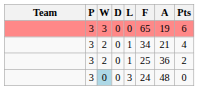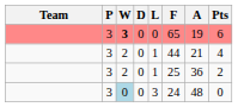 <table class="wikitable" style="text-align:center;">
 <tr>
 <th width="120px">Team</th>
 <th>P</th>
 <th>W</th>
 <th>D</th>
 <th>L</th>
 <th width="23px">F</th>
 <th width="23px">A</th>
 <th width="23px">Pts</th>
 </tr>
 <tr bgcolor="#FF8888">
 <td></td>
 <td>3</td>
-<td>3</td>
+<td><strong>3</strong></td>
 <td>0</td>
 <td>0</td>
 <td>65</td>
 <td>19</td>
 <td>6</td>
 </tr>
 <tr>
 <td></td>
 <td>3</td>
 <td>2</td>
 <td>0</td>
 <td>1</td>
-<td>34</td>
+<td>44</td>
 <td>21</td>
 <td>4</td>
 </tr>
 <tr>
 <td></td>
 <td>3</td>
 <td>2</td>
 <td>0</td>
 <td>1</td>
 <td>25</td>
 <td>36</td>
 <td>2</td>
 </tr>
 <tr>
 <td></td>
 <td>3</td>
 <td style="background: lightblue;">0</td>
 <td>0</td>
 <td>3</td>
 <td>24</td>
 <td>48</td>
 <td>0</td>
 </tr>
 </table>
